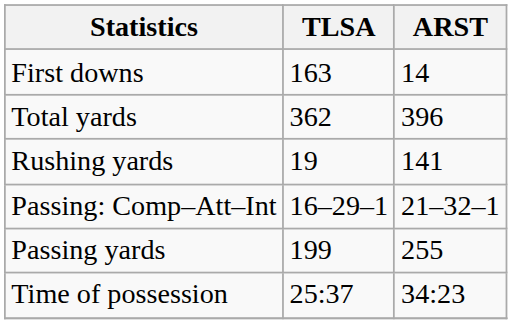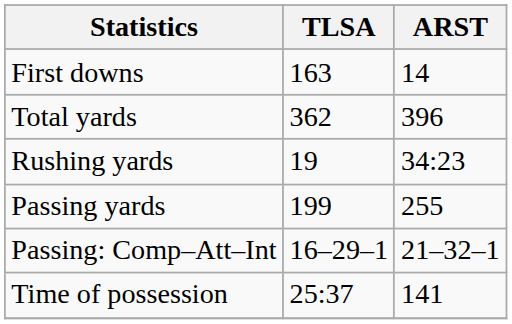 <table class="wikitable" style="float: left;">
 <tr>
 <th>Statistics</th>
 <th>TLSA</th>
 <th>ARST</th>
 </tr>
 <tr>
 <td>First downs</td>
 <td>163</td>
 <td>14</td>
 </tr>
 <tr>
 <td>Total yards</td>
 <td>362</td>
 <td>396</td>
 </tr>
 <tr>
 <td>Rushing yards</td>
 <td>19</td>
-<td>141</td>
+<td>34:23</td>
+</tr>
+<tr>
+<td>Passing yards</td>
+<td>199</td>
+<td>255</td>
 </tr>
 <tr>
 <td>Passing: Comp–Att–Int</td>
 <td>16–29–1</td>
 <td>21–32–1</td>
 </tr>
 <tr>
-<td>Passing yards</td>
-<td>199</td>
-<td>255</td>
-</tr>
-<tr>
 <td>Time of possession</td>
 <td>25:37</td>
-<td>34:23</td>
+<td>141</td>
 </tr>
 <tr>
 </tr>
 </table>
